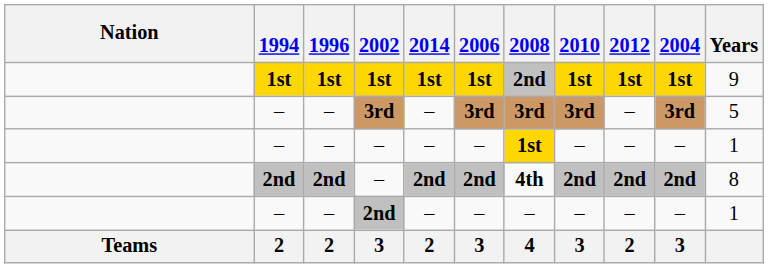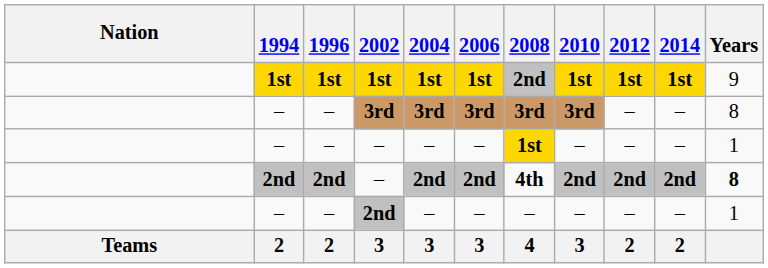 <table class="wikitable" style="text-align:center; font-size:90%">
 <tr>
 <th width=170>Nation</th>
 <th><br><a href='#'>1994</a></th>
 <th><br><a href='#'>1996</a></th>
 <th><br><a href='#'>2002</a></th>
-<th><br><a href='#'>2014</a></th>
+<th><br><a href='#'>2004</a></th>
 <th><br><a href='#'>2006</a></th>
 <th><br><a href='#'>2008</a></th>
 <th><br><a href='#'>2010</a></th>
 <th><br><a href='#'>2012</a></th>
-<th><br><a href='#'>2004</a></th>
+<th><br><a href='#'>2014</a></th>
 <th><br>Years</th>
 </tr>
 <tr>
 <td align=left></td>
 <td bgcolor=gold><strong>1st</strong></td>
 <td bgcolor=gold><strong>1st</strong></td>
 <td bgcolor=gold><strong>1st</strong></td>
 <td bgcolor=gold><strong>1st</strong></td>
 <td bgcolor=gold><strong>1st</strong></td>
 <td bgcolor=silver><strong>2nd</strong></td>
 <td bgcolor=gold><strong>1st</strong></td>
 <td bgcolor=gold><strong>1st</strong></td>
 <td bgcolor=gold><strong>1st</strong></td>
 <td>9</td>
 </tr>
 <tr>
 <td align=left></td>
 <td>–</td>
 <td>–</td>
 <td bgcolor=#cc9966><strong>3rd</strong></td>
-<td>–</td>
+<td bgcolor=#cc9966><strong>3rd</strong></td>
 <td bgcolor=#cc9966><strong>3rd</strong></td>
 <td bgcolor=#cc9966><strong>3rd</strong></td>
 <td bgcolor=#cc9966><strong>3rd</strong></td>
 <td>–</td>
-<td bgcolor=#cc9966><strong>3rd</strong></td>
-<td>5</td>
+<td>–</td>
+<td>8</td>
 </tr>
 <tr>
 <td align=left></td>
 <td>–</td>
 <td>–</td>
 <td>–</td>
 <td>–</td>
 <td>–</td>
 <td bgcolor=gold><strong>1st</strong></td>
 <td>–</td>
 <td>–</td>
 <td>–</td>
 <td>1</td>
 </tr>
 <tr>
 <td align=left></td>
 <td bgcolor=silver><strong>2nd</strong></td>
 <td bgcolor=silver><strong>2nd</strong></td>
 <td>–</td>
 <td bgcolor=silver><strong>2nd</strong></td>
 <td bgcolor=silver><strong>2nd</strong></td>
 <td><strong>4th</strong></td>
 <td bgcolor=silver><strong>2nd</strong></td>
 <td bgcolor=silver><strong>2nd</strong></td>
 <td bgcolor=silver><strong>2nd</strong></td>
-<td>8</td>
+<td><strong>8</strong></td>
 </tr>
 <tr>
 <td align=left></td>
 <td>–</td>
 <td>–</td>
 <td bgcolor=silver><strong>2nd</strong></td>
 <td>–</td>
 <td>–</td>
 <td>–</td>
 <td>–</td>
 <td>–</td>
 <td>–</td>
 <td>1</td>
 </tr>
 <tr>
 <th>Teams</th>
 <th>2</th>
 <th>2</th>
 <th>3</th>
-<th>2</th>
+<th>3</th>
 <th>3</th>
 <th>4</th>
 <th>3</th>
 <th>2</th>
-<th>3</th>
+<th>2</th>
 <th></th>
 </tr>
 </table>
